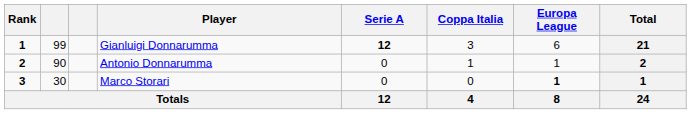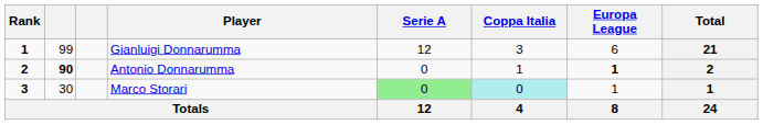 <table class="wikitable sortable" style="text-align:center" width=75%>
 <tr>
 <th style="width:30px">Rank</th>
 <th style="width:30px"></th>
 <th style="width:30px"></th>
 <th style="width:310px">Player</th>
 <th style="width:105px"><a href='#'>Serie A</a></th>
 <th style="width:105px"><a href='#'>Coppa Italia</a></th>
 <th style="width:105px"><a href='#'>Europa League</a></th>
 <th style="width:105px">Total</th>
 </tr>
 <tr>
 <td><strong>1</strong></td>
 <td style="text-align:right">99</td>
 <td></td>
 <td style="text-align:left"><a href='#'>Gianluigi Donnarumma</a></td>
-<td><strong>12</strong></td>
+<td>12</td>
 <td>3</td>
 <td>6</td>
 <th>21</th>
 </tr>
 <tr>
 <td><strong>2</strong></td>
-<td style="text-align:right">90</td>
+<td style="text-align:right"><strong>90</strong></td>
 <td></td>
 <td style="text-align:left"><a href='#'>Antonio Donnarumma</a></td>
 <td>0</td>
 <td>1</td>
-<td>1</td>
+<td><strong>1</strong></td>
 <th>2</th>
 </tr>
 <tr>
 <td><strong>3</strong></td>
 <td style="text-align:right">30</td>
 <td></td>
 <td style="text-align:left"><a href='#'>Marco Storari</a></td>
-<td>0</td>
-<td>0</td>
-<td><strong>1</strong></td>
+<td style="background: lightgreen;">0</td>
+<td style="background: paleturquoise;">0</td>
+<td>1</td>
 <th>1</th>
 </tr>
 <tr class="sortbottom">
 <th colspan=4>Totals</th>
 <th>12</th>
 <th>4</th>
 <th>8</th>
 <th>24</th>
 </tr>
 </table>
